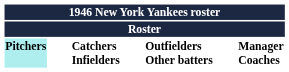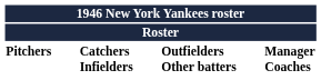 <table class="toccolours" style="font-size: 95%;">
 <tr>
 <th colspan="10" style="background-color: #1c2841; color: white; text-align: center;">1946 New York Yankees roster</th>
 </tr>
 <tr>
 <td colspan="10" style="background-color: #1c2841; color: white; text-align: center;"><strong>Roster</strong></td>
 </tr>
 <tr>
-<td valign="top" style="background: paleturquoise;"><strong>Pitchers</strong><br>                     </td>
+<td valign="top"><strong>Pitchers</strong><br>                     </td>
 <td width="25px"></td>
 <td valign="top"><strong>Catchers</strong><br>      <strong>Infielders</strong>           </td>
 <td width="25px"></td>
 <td valign="top"><strong>Outfielders</strong><br>     <strong>Other batters</strong>  </td>
 <td width="25px"></td>
 <td valign="top"><strong>Manager</strong><br>   <strong>Coaches</strong>   </td>
 </tr>
 </table>
